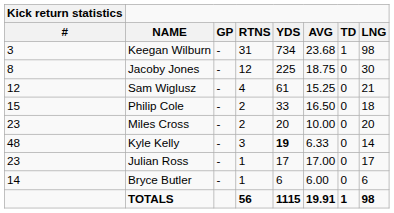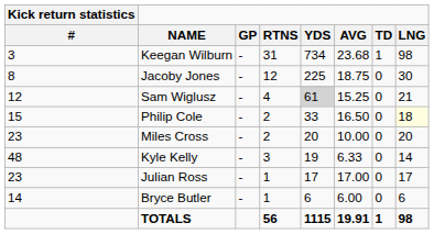 <table class="wikitable collapsible">
 <tr>
 <th style="text-align:center; ">Kick return statistics</th>
 </tr>
 <tr>
 <th>#</th>
 <th>NAME</th>
 <th>GP</th>
 <th>RTNS</th>
 <th>YDS</th>
 <th>AVG</th>
 <th>TD</th>
 <th>LNG</th>
 </tr>
 <tr>
 <td>3</td>
 <td>Keegan Wilburn</td>
 <td>-</td>
 <td>31</td>
 <td>734</td>
 <td>23.68</td>
 <td>1</td>
 <td>98</td>
 </tr>
 <tr>
 <td>8</td>
 <td>Jacoby Jones</td>
 <td>-</td>
 <td>12</td>
 <td>225</td>
 <td>18.75</td>
 <td>0</td>
 <td>30</td>
 </tr>
 <tr>
 <td>12</td>
 <td>Sam Wiglusz</td>
 <td>-</td>
 <td>4</td>
-<td>61</td>
+<td style="background: lightgrey;">61</td>
 <td>15.25</td>
 <td>0</td>
 <td>21</td>
 </tr>
 <tr>
 <td>15</td>
 <td>Philip Cole</td>
 <td>-</td>
 <td>2</td>
 <td>33</td>
 <td>16.50</td>
 <td>0</td>
-<td>18</td>
+<td style="background: lightyellow;">18</td>
 </tr>
 <tr>
 <td>23</td>
 <td>Miles Cross</td>
 <td>-</td>
 <td>2</td>
 <td>20</td>
 <td>10.00</td>
 <td>0</td>
 <td>20</td>
 </tr>
 <tr>
 <td>48</td>
 <td>Kyle Kelly</td>
 <td>-</td>
 <td>3</td>
-<td><strong>19</strong></td>
+<td>19</td>
 <td>6.33</td>
 <td>0</td>
 <td>14</td>
 </tr>
 <tr>
 <td>23</td>
 <td>Julian Ross</td>
 <td>-</td>
 <td>1</td>
 <td>17</td>
 <td>17.00</td>
 <td>0</td>
 <td>17</td>
 </tr>
 <tr>
 <td>14</td>
 <td>Bryce Butler</td>
 <td>-</td>
 <td>1</td>
 <td>6</td>
 <td>6.00</td>
 <td>0</td>
 <td>6</td>
 </tr>
 <tr>
 <td></td>
 <td><strong>TOTALS</strong></td>
 <td></td>
 <td><strong>56</strong></td>
 <td><strong>1115</strong></td>
 <td><strong>19.91</strong></td>
 <td><strong>1</strong></td>
 <td><strong>98</strong></td>
 </tr>
 </table>
